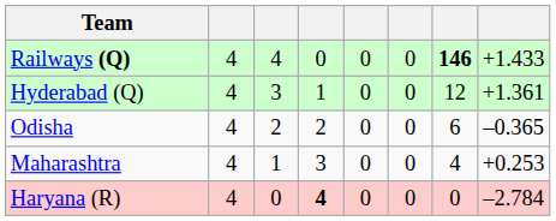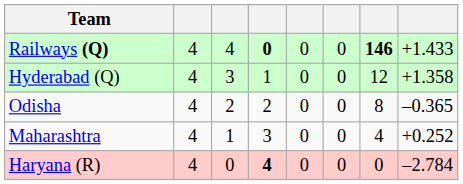 <table class="wikitable" style="text-align:center">
 <tr>
 <th style="width:140px;">Team</th>
 <th style="width:25px;"></th>
 <th style="width:25px;"></th>
 <th style="width:25px;"></th>
 <th style="width:25px;"></th>
 <th style="width:25px;"></th>
 <th style="width:25px;"></th>
 <th style="width:40px;"></th>
 </tr>
 <tr style="background:#cfc;">
 <td style="text-align:left"><a href='#'>Railways</a> <strong>(Q)</strong></td>
 <td>4</td>
 <td>4</td>
-<td>0</td>
+<td><strong>0</strong></td>
 <td>0</td>
 <td>0</td>
 <td><strong>146<em></td>
 <td>+1.433</td>
 </tr>
 <tr style="background:#cfc;">
 <td style="text-align:left"><a href='#'>Hyderabad</a> </strong>(Q)<strong></td>
 <td>4</td>
 <td>3</td>
 <td>1</td>
 <td>0</td>
 <td>0</td>
 <td></strong>12<strong></td>
-<td>+1.361</td>
+<td>+1.358</td>
 </tr>
 <tr>
 <td style="text-align:left"><a href='#'>Odisha</a></td>
 <td>4</td>
 <td>2</td>
 <td>2</td>
 <td>0</td>
 <td>0</td>
-<td></strong>6<strong></td>
+<td></strong>8<strong></td>
 <td>–0.365</td>
 </tr>
 <tr>
 <td style="text-align:left"><a href='#'>Maharashtra</a></td>
 <td>4</td>
 <td>1</td>
 <td>3</td>
 <td>0</td>
 <td>0</td>
 <td></strong>4<strong></td>
-<td>+0.253</td>
+<td>+0.252</td>
 </tr>
 <tr style="background:#FFCCCC">
 <td style="text-align:left"><a href='#'>Haryana</a> </strong>(R)<strong></td>
 <td>4</td>
 <td>0</td>
 <td><strong>4</strong></td>
 <td>0</td>
 <td>0</td>
 <td></strong>0<strong></td>
 <td>–2.784</td>
 </tr>
 </table>
